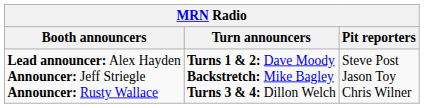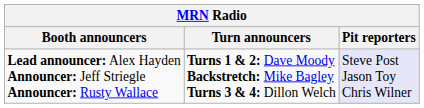 <table class="wikitable" style="font-size: 95%">
 <tr>
 <th colspan="3"><a href='#'>MRN</a> Radio</th>
 </tr>
 <tr>
 <th>Booth announcers</th>
 <th>Turn announcers</th>
 <th>Pit reporters</th>
 </tr>
 <tr>
 <td><strong>Lead announcer:</strong> Alex Hayden<br><strong>Announcer:</strong> Jeff Striegle<br><strong>Announcer:</strong> <a href='#'>Rusty Wallace</a></td>
 <td><strong>Turns 1 & 2:</strong> <a href='#'>Dave Moody</a><br><strong>Backstretch:</strong> <a href='#'>Mike Bagley</a><br><strong>Turns 3 & 4:</strong> Dillon Welch</td>
-<td>Steve Post<br>Jason Toy<br>Chris Wilner</td>
+<td style="background: lavender;">Steve Post<br>Jason Toy<br>Chris Wilner</td>
 </tr>
 </table>
